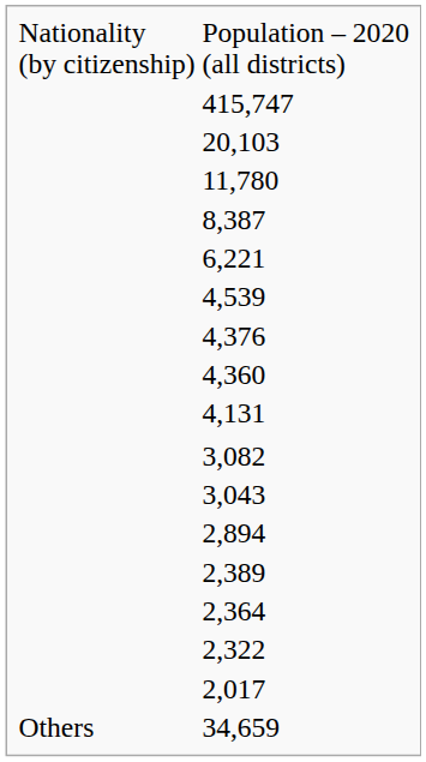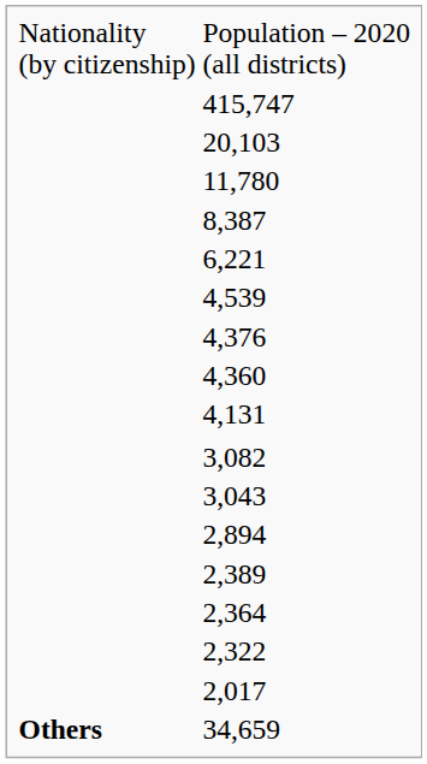 <table class="infobox">
 <tr>
 <td>Nationality<br>(by citizenship)</td>
 <td>Population – 2020<br>(all districts)</td>
 </tr>
 <tr>
 <td></td>
 <td>415,747</td>
 </tr>
 <tr>
 <td></td>
 <td>20,103</td>
 </tr>
 <tr>
 <td></td>
 <td>11,780</td>
 </tr>
 <tr>
 <td></td>
 <td>8,387</td>
 </tr>
 <tr>
 <td></td>
 <td>6,221</td>
 </tr>
 <tr>
 <td></td>
 <td>4,539</td>
 </tr>
 <tr>
 <td></td>
 <td>4,376</td>
 </tr>
 <tr>
 <td></td>
 <td>4,360</td>
 </tr>
 <tr>
 <td></td>
 <td>4,131</td>
 </tr>
 <tr>
 </tr>
 <tr>
 <td></td>
 <td>3,082</td>
 </tr>
 <tr>
 <td></td>
 <td>3,043</td>
 </tr>
 <tr>
 <td></td>
 <td>2,894</td>
 </tr>
 <tr>
 <td></td>
 <td>2,389</td>
 </tr>
 <tr>
 <td></td>
 <td>2,364</td>
 </tr>
 <tr>
 <td></td>
 <td>2,322</td>
 </tr>
 <tr>
 <td></td>
 <td>2,017</td>
 </tr>
 <tr>
-<td>Others</td>
+<td><strong>Others</strong></td>
 <td>34,659</td>
 </tr>
 </table>
